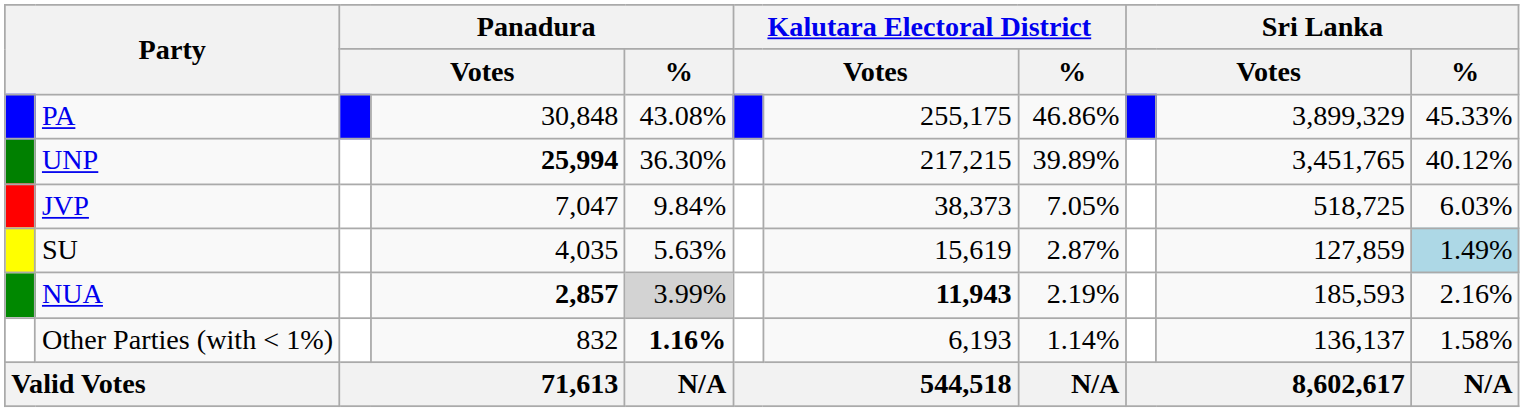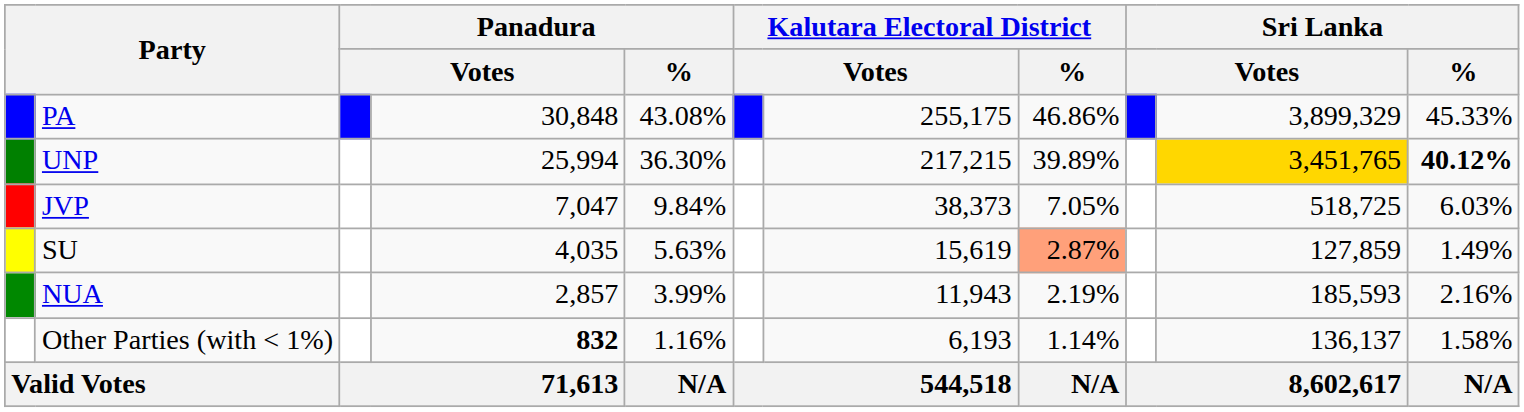 <table class="wikitable">
 <tr>
 <th colspan="2" width="144px"rowspan="2">Party</th>
 <th colspan="3" width="216px">Panadura</th>
 <th colspan="3" width="216px"><a href='#'>Kalutara Electoral District</a></th>
 <th colspan="3" width="216px">Sri Lanka</th>
 </tr>
 <tr>
 <th colspan="2" width="144px">Votes</th>
 <th>%</th>
 <th colspan="2" width="144px">Votes</th>
 <th>%</th>
 <th colspan="2" width="144px">Votes</th>
 <th>%</th>
 </tr>
 <tr>
 <td style="background-color:blue;" width="10px"></td>
 <td style="text-align:left;"><a href='#'>PA</a></td>
 <td style="background-color:blue;" width="10px"></td>
 <td style="text-align:right;">30,848</td>
 <td style="text-align:right;">43.08%</td>
 <td style="background-color:blue;" width="10px"></td>
 <td style="text-align:right;">255,175</td>
 <td style="text-align:right;">46.86%</td>
 <td style="background-color:blue;" width="10px"></td>
 <td style="text-align:right;">3,899,329</td>
 <td style="text-align:right;">45.33%</td>
 </tr>
 <tr>
 <td style="background-color:green;" width="10px"></td>
 <td style="text-align:left;"><a href='#'>UNP</a></td>
 <td style="background-color:white;" width="10px"></td>
-<td style="text-align:right;"><strong>25,994</strong></td>
+<td style="text-align:right;">25,994</td>
 <td style="text-align:right;">36.30%</td>
 <td style="background-color:white;" width="10px"></td>
 <td style="text-align:right;">217,215</td>
 <td style="text-align:right;">39.89%</td>
 <td style="background-color:white;" width="10px"></td>
-<td style="text-align:right;">3,451,765</td>
-<td style="text-align:right;">40.12%</td>
+<td style="background: gold; text-align:right;">3,451,765</td>
+<td style="text-align:right;"><strong>40.12%</strong></td>
 </tr>
 <tr>
 <td style="background-color:red;" width="10px"></td>
 <td style="text-align:left;"><a href='#'>JVP</a></td>
 <td style="background-color:white;" width="10px"></td>
 <td style="text-align:right;">7,047</td>
 <td style="text-align:right;">9.84%</td>
 <td style="background-color:white;" width="10px"></td>
 <td style="text-align:right;">38,373</td>
 <td style="text-align:right;">7.05%</td>
 <td style="background-color:white;" width="10px"></td>
 <td style="text-align:right;">518,725</td>
 <td style="text-align:right;">6.03%</td>
 </tr>
 <tr>
 <td style="background-color:yellow;" width="10px"></td>
 <td style="text-align:left;">SU</td>
 <td style="background-color:white;" width="10px"></td>
 <td style="text-align:right;">4,035</td>
 <td style="text-align:right;">5.63%</td>
 <td style="background-color:white;" width="10px"></td>
 <td style="text-align:right;">15,619</td>
-<td style="text-align:right;">2.87%</td>
+<td style="background: lightsalmon; text-align:right;">2.87%</td>
 <td style="background-color:white;" width="10px"></td>
 <td style="text-align:right;">127,859</td>
-<td style="background: lightblue; text-align:right;">1.49%</td>
+<td style="text-align:right;">1.49%</td>
 </tr>
 <tr>
 <td style="background-color:#008800;" width="10px"></td>
 <td style="text-align:left;"><a href='#'>NUA</a></td>
 <td style="background-color:white;" width="10px"></td>
-<td style="text-align:right;"><strong>2,857</strong></td>
-<td style="background: lightgrey; text-align:right;">3.99%</td>
+<td style="text-align:right;">2,857</td>
+<td style="text-align:right;">3.99%</td>
 <td style="background-color:white;" width="10px"></td>
-<td style="text-align:right;"><strong>11,943</strong></td>
+<td style="text-align:right;">11,943</td>
 <td style="text-align:right;">2.19%</td>
 <td style="background-color:white;" width="10px"></td>
 <td style="text-align:right;">185,593</td>
 <td style="text-align:right;">2.16%</td>
 </tr>
 <tr>
 <td style="background-color:white;" width="10px"></td>
 <td style="text-align:left;">Other Parties (with < 1%)</td>
 <td style="background-color:white;" width="10px"></td>
-<td style="text-align:right;">832</td>
-<td style="text-align:right;"><strong>1.16%</strong></td>
+<td style="text-align:right;"><strong>832</strong></td>
+<td style="text-align:right;">1.16%</td>
 <td style="background-color:white;" width="10px"></td>
 <td style="text-align:right;">6,193</td>
 <td style="text-align:right;">1.14%</td>
 <td style="background-color:white;" width="10px"></td>
 <td style="text-align:right;">136,137</td>
 <td style="text-align:right;">1.58%</td>
 </tr>
 <tr>
 <th colspan="2" width="144px"style="text-align:left;">Valid Votes</th>
 <th style="text-align:right;"colspan="2" width="144px">71,613</th>
 <th style="text-align:right;">N/A</th>
 <th style="text-align:right;"colspan="2" width="144px">544,518</th>
 <th style="text-align:right;">N/A</th>
 <th style="text-align:right;"colspan="2" width="144px">8,602,617</th>
 <th style="text-align:right;">N/A</th>
 </tr>
 </table>
